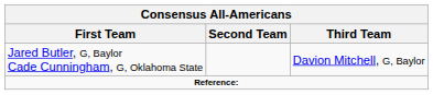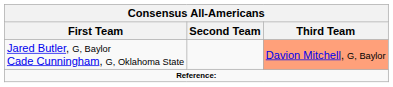 <table class="wikitable" style="font-size: 95%">
 <tr>
 <th Colspan=3>Consensus All-Americans</th>
 </tr>
 <tr>
 <th>First Team</th>
 <th>Second Team</th>
 <th>Third Team</th>
 </tr>
 <tr>
 <td><a href='#'>Jared Butler</a>, <small>G, Baylor</small><br><a href='#'>Cade Cunningham</a>, <small>G, Oklahoma State</small></td>
 <td></td>
-<td><a href='#'>Davion Mitchell</a>, <small>G, Baylor</small></td>
+<td style="background: lightsalmon;"><a href='#'>Davion Mitchell</a>, <small>G, Baylor</small></td>
 </tr>
 <tr>
 <td colspan="4"  style="font-size:8pt; text-align:center;"><strong>Reference:</strong></td>
 </tr>
 </table>
